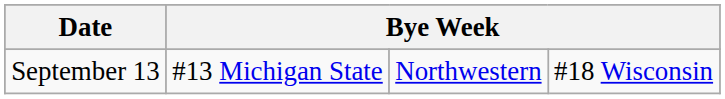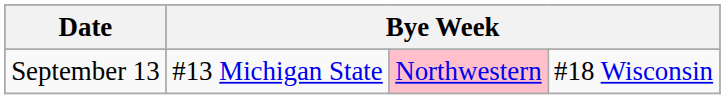 <table class="wikitable" style="font-size:95%;">
 <tr>
 <th>Date</th>
 <th colspan="3">Bye Week</th>
 </tr>
 <tr>
 <td>September 13</td>
 <td>#13 <a href='#'>Michigan State</a></td>
-<td><a href='#'>Northwestern</a></td>
+<td style="background: pink;"><a href='#'>Northwestern</a></td>
 <td>#18 <a href='#'>Wisconsin</a></td>
 </tr>
 </table>
